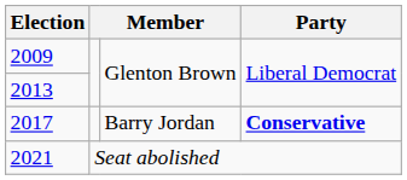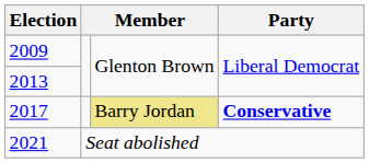 <table class="wikitable">
 <tr>
 <th>Election</th>
 <th colspan="2">Member</th>
 <th>Party</th>
 </tr>
 <tr>
 <td><a href='#'>2009</a></td>
 <td rowspan="2" style="background-color: "></td>
 <td rowspan="2">Glenton Brown</td>
 <td rowspan="2"><a href='#'>Liberal Democrat</a></td>
 </tr>
 <tr>
 <td><a href='#'>2013</a></td>
 </tr>
 <tr>
 <td><a href='#'>2017</a></td>
 <td rowspan="1" style="background-color: "></td>
-<td rowspan="1">Barry Jordan</td>
+<td rowspan="1" style="background: khaki;">Barry Jordan</td>
 <td rowspan="1"><strong><a href='#'>Conservative</a></strong></td>
 </tr>
 <tr>
 <td><a href='#'>2021</a></td>
 <td colspan="3"><em>Seat abolished</em></td>
 </tr>
 </table>
